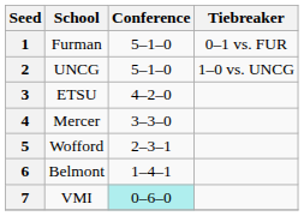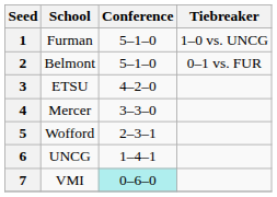 <table class="wikitable" style="text-align:center">
 <tr>
 <th>Seed</th>
 <th>School</th>
 <th>Conference</th>
 <th>Tiebreaker</th>
 </tr>
 <tr>
 <th>1</th>
 <td>Furman</td>
 <td>5–1–0</td>
-<td>0–1 vs. FUR</td>
+<td>1–0 vs. UNCG</td>
 </tr>
 <tr>
 <th>2</th>
-<td>UNCG</td>
+<td>Belmont</td>
 <td>5–1–0</td>
-<td>1–0 vs. UNCG</td>
+<td>0–1 vs. FUR</td>
 </tr>
 <tr>
 <th>3</th>
 <td>ETSU</td>
 <td>4–2–0</td>
 <td></td>
 </tr>
 <tr>
 <th>4</th>
 <td>Mercer</td>
 <td>3–3–0</td>
 <td></td>
 </tr>
 <tr>
 <th>5</th>
 <td>Wofford</td>
 <td>2–3–1</td>
 <td></td>
 </tr>
 <tr>
 <th>6</th>
-<td>Belmont</td>
+<td>UNCG</td>
 <td>1–4–1</td>
 <td></td>
 </tr>
 <tr>
 <th>7</th>
 <td>VMI</td>
 <td style="background: paleturquoise;">0–6–0</td>
 <td></td>
 </tr>
 <tr>
 </tr>
 </table>
